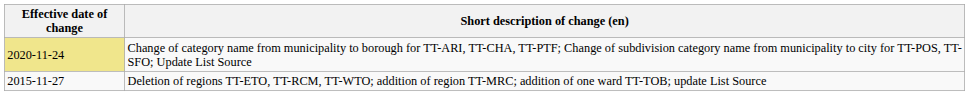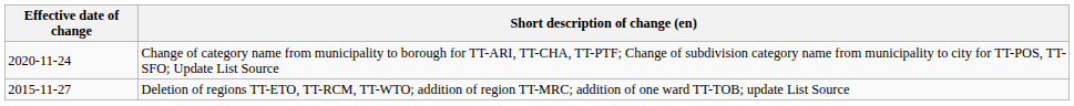 <table class="wikitable">
 <tr>
 <th>Effective date of change</th>
 <th>Short description of change (en)</th>
 </tr>
 <tr>
-<td style="background: khaki;">2020-11-24</td>
+<td>2020-11-24</td>
 <td>Change of category name from municipality to borough for TT-ARI, TT-CHA, TT-PTF; Change of subdivision category name from municipality to city for TT-POS, TT-SFO; Update List Source</td>
 </tr>
 <tr>
 <td>2015-11-27</td>
 <td>Deletion of regions TT-ETO, TT-RCM, TT-WTO; addition of region TT-MRC; addition of one ward TT-TOB; update List Source</td>
 </tr>
 </table>
